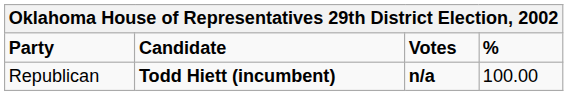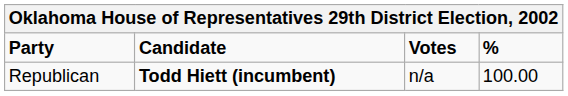 <table class="wikitable">
 <tr>
 <th colspan="4">Oklahoma House of Representatives 29th District Election, 2002</th>
 </tr>
 <tr>
 <td><strong>Party</strong></td>
 <td><strong>Candidate</strong></td>
 <td><strong>Votes</strong></td>
 <td><strong>%</strong></td>
 </tr>
 <tr>
 <td>Republican</td>
 <td><strong>Todd Hiett (incumbent)</strong></td>
-<td><strong>n/a</strong></td>
+<td>n/a</td>
 <td>100.00</td>
 </tr>
 </table>
